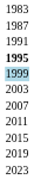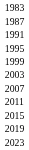 <table>
 <tr>
 <td>1983</td>
 <td></td>
 <td></td>
 <td></td>
 </tr>
 <tr>
 <td>1987</td>
 <td></td>
 <td></td>
 <td></td>
 </tr>
 <tr>
 <td>1991</td>
 <td></td>
 <td></td>
 <td></td>
 </tr>
 <tr>
-<td><strong>1995</strong></td>
+<td>1995</td>
 <td></td>
 <td></td>
 <td></td>
 </tr>
 <tr>
-<td style="background: lightblue;">1999</td>
+<td>1999</td>
 <td></td>
 <td></td>
 <td></td>
 </tr>
 <tr>
 <td>2003</td>
 <td></td>
 <td></td>
 <td></td>
 </tr>
 <tr>
 <td>2007</td>
 <td></td>
 <td></td>
 <td></td>
 </tr>
 <tr>
 <td>2011<br></td>
 <td></td>
 <td></td>
 <td></td>
 </tr>
 <tr>
 <td>2015<br></td>
 <td></td>
 <td></td>
 <td></td>
 </tr>
 <tr>
 <td>2019 <br></td>
 <td></td>
 <td></td>
 <td></td>
 </tr>
 <tr>
 <td>2023 <br></td>
 <td></td>
 <td></td>
 <td></td>
 </tr>
 </table>
